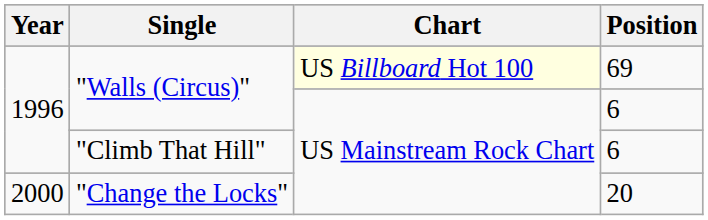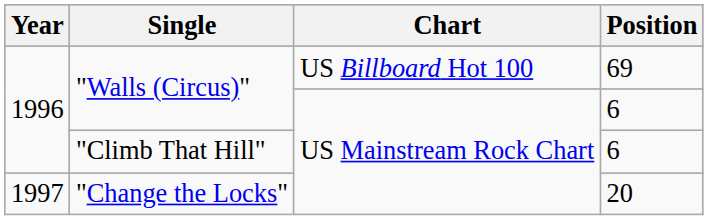 <table class="wikitable sortable">
 <tr>
 <th scope="col">Year</th>
 <th scope="col">Single</th>
 <th scope="col">Chart</th>
 <th scope="col">Position</th>
 </tr>
 <tr>
 <td rowspan="3">1996</td>
 <td rowspan="2">"<a href='#'>Walls (Circus)</a>"</td>
-<td style="background: lightyellow;">US <a href='#'><em>Billboard</em> Hot 100</a></td>
+<td>US <a href='#'><em>Billboard</em> Hot 100</a></td>
 <td>69</td>
 </tr>
 <tr>
 <td rowspan="3">US <a href='#'>Mainstream Rock Chart</a></td>
 <td>6</td>
 </tr>
 <tr>
 <td>"Climb That Hill"</td>
 <td>6</td>
 </tr>
 <tr>
-<td>2000</td>
+<td>1997</td>
 <td>"<a href='#'>Change the Locks</a>"</td>
 <td>20</td>
 </tr>
 </table>
